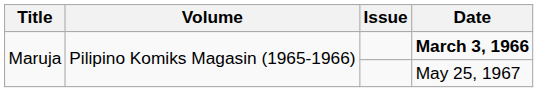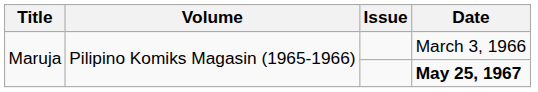 <table class="wikitable sortable">
 <tr>
 <th>Title</th>
 <th>Volume</th>
 <th>Issue</th>
 <th>Date</th>
 </tr>
 <tr>
 <td rowspan=2>Maruja</td>
 <td rowspan=2>Pilipino Komiks Magasin (1965-1966)</td>
 <td></td>
-<td><strong>March 3, 1966</strong></td>
+<td>March 3, 1966</td>
 </tr>
 <tr>
 <td></td>
-<td>May 25, 1967</td>
+<td><strong>May 25, 1967</strong></td>
 </tr>
 </table>
